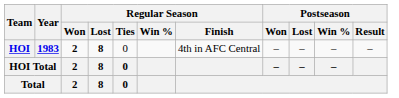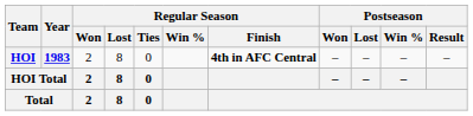 <table class="wikitable" style="font-size: 95%; text-align:center;">
 <tr>
 <th rowspan="2">Team</th>
 <th rowspan="2">Year</th>
 <th colspan="5">Regular Season</th>
 <th colspan="4">Postseason</th>
 </tr>
 <tr>
 <th>Won</th>
 <th>Lost</th>
 <th>Ties</th>
 <th>Win %</th>
 <th>Finish</th>
 <th>Won</th>
 <th>Lost</th>
 <th>Win %</th>
 <th>Result</th>
 </tr>
 <tr>
 <th><a href='#'>HOI</a></th>
 <th><a href='#'>1983</a></th>
-<td><strong>2</strong></td>
-<td><strong>8</strong></td>
+<td>2</td>
+<td>8</td>
 <td>0</td>
 <td></td>
-<td>4th in AFC Central</td>
+<td><strong>4th in AFC Central</strong></td>
 <td>–</td>
 <td>–</td>
 <td>–</td>
 <td>–</td>
 </tr>
 <tr>
 <th colspan="2">HOI Total</th>
 <th>2</th>
 <th>8</th>
 <th>0</th>
 <th></th>
 <th></th>
 <th>–</th>
 <th>–</th>
 <th>–</th>
 <th></th>
 </tr>
 <tr>
 <th colspan="2">Total</th>
 <th>2</th>
 <th>8</th>
 <th>0</th>
 <th></th>
 <th colspan="5"></th>
 </tr>
 </table>
